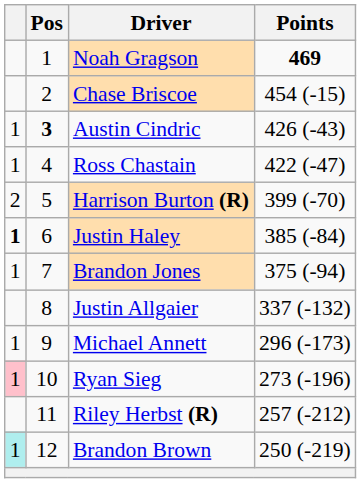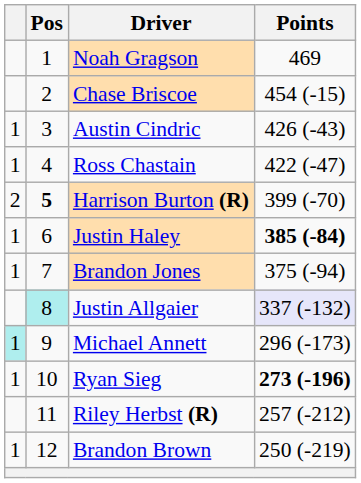 <table class="wikitable" style="font-size: 95%;">
 <tr>
 <th></th>
 <th>Pos</th>
 <th>Driver</th>
 <th>Points</th>
 </tr>
 <tr>
 <td align="left"></td>
 <td style="text-align:center;">1</td>
 <td style="background:#FFDEAD;"><a href='#'>Noah Gragson</a></td>
-<td style="text-align:center;"><strong>469</strong></td>
+<td style="text-align:center;">469</td>
 </tr>
 <tr>
 <td align="left"></td>
 <td style="text-align:center;">2</td>
 <td style="background:#FFDEAD;"><a href='#'>Chase Briscoe</a></td>
 <td style="text-align:center;">454 (-15)</td>
 </tr>
 <tr>
 <td align="left"> 1</td>
-<td style="text-align:center;"><strong>3</strong></td>
+<td style="text-align:center;">3</td>
 <td><a href='#'>Austin Cindric</a></td>
 <td style="text-align:center;">426 (-43)</td>
 </tr>
 <tr>
 <td align="left"> 1</td>
 <td style="text-align:center;">4</td>
 <td><a href='#'>Ross Chastain</a></td>
 <td style="text-align:center;">422 (-47)</td>
 </tr>
 <tr>
 <td align="left"> 2</td>
-<td style="text-align:center;">5</td>
+<td style="text-align:center;"><strong>5</strong></td>
 <td style="background:#FFDEAD;"><a href='#'>Harrison Burton</a> <strong>(R)</strong></td>
 <td style="text-align:center;">399 (-70)</td>
 </tr>
 <tr>
-<td align="left"><strong> 1</strong></td>
+<td align="left"> 1</td>
 <td style="text-align:center;">6</td>
 <td style="background:#FFDEAD;"><a href='#'>Justin Haley</a></td>
-<td style="text-align:center;">385 (-84)</td>
+<td style="text-align:center;"><strong>385 (-84)</strong></td>
 </tr>
 <tr>
 <td align="left"> 1</td>
 <td style="text-align:center;">7</td>
 <td style="background:#FFDEAD;"><a href='#'>Brandon Jones</a></td>
 <td style="text-align:center;">375 (-94)</td>
 </tr>
 <tr>
 <td align="left"></td>
-<td style="text-align:center;">8</td>
+<td style="background: paleturquoise; text-align:center;">8</td>
 <td><a href='#'>Justin Allgaier</a></td>
-<td style="text-align:center;">337 (-132)</td>
+<td style="background: lavender; text-align:center;">337 (-132)</td>
 </tr>
 <tr>
-<td align="left"> 1</td>
+<td align="left" style="background: paleturquoise;"> 1</td>
 <td style="text-align:center;">9</td>
 <td><a href='#'>Michael Annett</a></td>
 <td style="text-align:center;">296 (-173)</td>
 </tr>
 <tr>
-<td align="left" style="background: pink;"> 1</td>
+<td align="left"> 1</td>
 <td style="text-align:center;">10</td>
 <td><a href='#'>Ryan Sieg</a></td>
-<td style="text-align:center;">273 (-196)</td>
+<td style="text-align:center;"><strong>273 (-196)</strong></td>
 </tr>
 <tr>
 <td align="left"></td>
 <td style="text-align:center;">11</td>
 <td><a href='#'>Riley Herbst</a> <strong>(R)</strong></td>
 <td style="text-align:center;">257 (-212)</td>
 </tr>
 <tr>
-<td align="left" style="background: paleturquoise;"> 1</td>
+<td align="left"> 1</td>
 <td style="text-align:center;">12</td>
 <td><a href='#'>Brandon Brown</a></td>
 <td style="text-align:center;">250 (-219)</td>
 </tr>
 <tr class="sortbottom">
 <th colspan="4"></th>
 </tr>
 </table>
